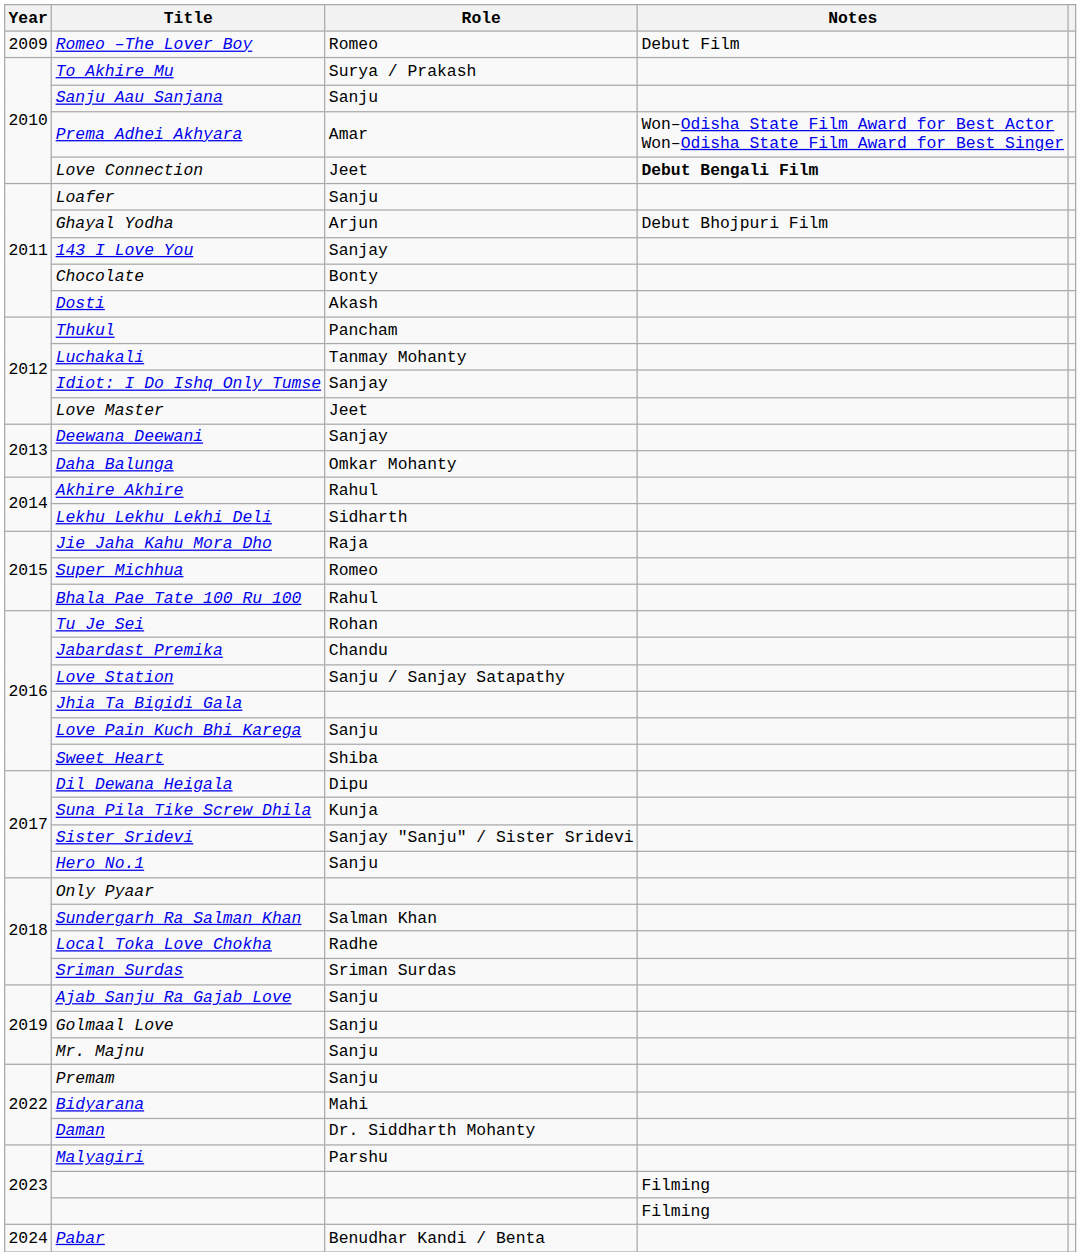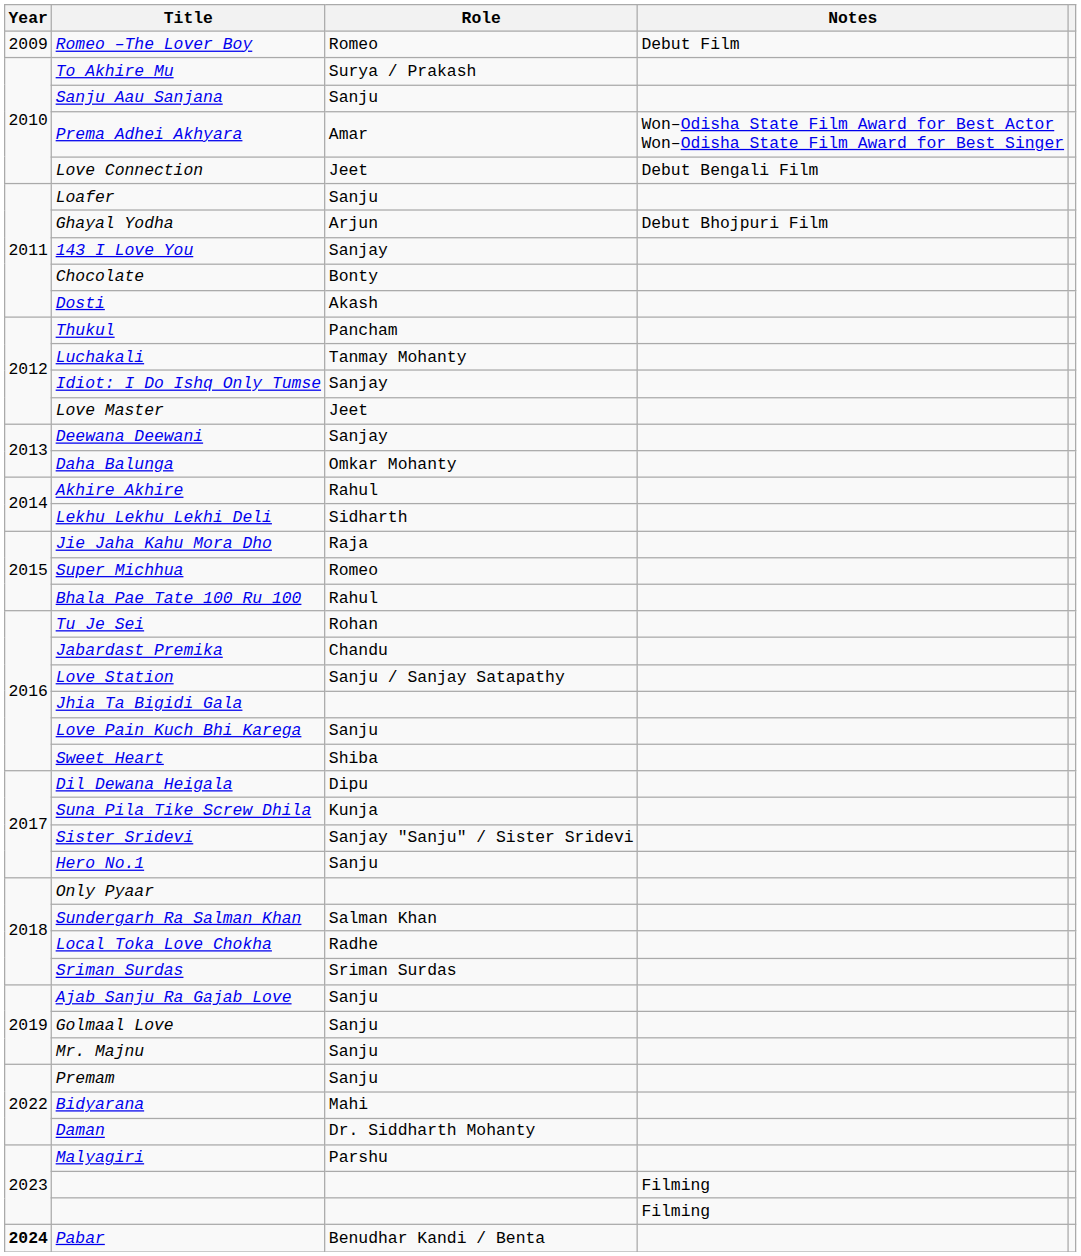 <table class="wikitable sortable" style="text-align:left;">
 <tr>
 <th>Year</th>
 <th>Title</th>
 <th>Role</th>
 <th>Notes</th>
 <th></th>
 </tr>
 <tr>
 <td>2009</td>
 <td><em><a href='#'>Romeo –The Lover Boy</a></em></td>
 <td>Romeo</td>
 <td>Debut Film</td>
 <td></td>
 </tr>
 <tr>
 <td rowspan="4">2010</td>
 <td><em><a href='#'>To Akhire Mu</a></em></td>
 <td>Surya / Prakash</td>
 <td></td>
 <td></td>
 </tr>
 <tr>
 <td><em><a href='#'>Sanju Aau Sanjana</a></em></td>
 <td>Sanju</td>
 <td></td>
 <td></td>
 </tr>
 <tr>
 <td><em><a href='#'>Prema Adhei Akhyara</a></em></td>
 <td>Amar</td>
 <td>Won–<a href='#'>Odisha State Film Award for Best Actor</a><br> Won–<a href='#'>Odisha State Film Award for Best Singer</a></td>
 <td></td>
 </tr>
 <tr>
 <td><em>Love Connection</em></td>
 <td>Jeet</td>
-<td><strong>Debut Bengali Film</strong></td>
+<td>Debut Bengali Film</td>
 <td></td>
 </tr>
 <tr>
 <td rowspan="5">2011</td>
 <td><em>Loafer</em></td>
 <td>Sanju</td>
 <td></td>
 <td></td>
 </tr>
 <tr>
 <td><em>Ghayal Yodha</em></td>
 <td>Arjun</td>
 <td>Debut Bhojpuri Film</td>
 <td></td>
 </tr>
 <tr>
 <td><em><a href='#'>143 I Love You</a></em></td>
 <td>Sanjay</td>
 <td></td>
 <td></td>
 </tr>
 <tr>
 <td><em>Chocolate</em></td>
 <td>Bonty</td>
 <td></td>
 <td></td>
 </tr>
 <tr>
 <td><a href='#'><em>Dosti</em></a></td>
 <td>Akash</td>
 <td></td>
 <td></td>
 </tr>
 <tr>
 <td rowspan="4">2012</td>
 <td><em><a href='#'>Thukul</a></em></td>
 <td>Pancham</td>
 <td></td>
 <td></td>
 </tr>
 <tr>
 <td><em><a href='#'>Luchakali</a></em></td>
 <td>Tanmay Mohanty</td>
 <td></td>
 <td></td>
 </tr>
 <tr>
 <td><em><a href='#'>Idiot: I Do Ishq Only Tumse</a></em></td>
 <td>Sanjay</td>
 <td></td>
 <td></td>
 </tr>
 <tr>
 <td><em>Love Master</em></td>
 <td>Jeet</td>
 <td></td>
 <td></td>
 </tr>
 <tr>
 <td rowspan="2">2013</td>
 <td><em><a href='#'>Deewana Deewani</a></em></td>
 <td>Sanjay</td>
 <td></td>
 <td></td>
 </tr>
 <tr>
 <td><em><a href='#'>Daha Balunga</a></em></td>
 <td>Omkar Mohanty</td>
 <td></td>
 <td></td>
 </tr>
 <tr>
 <td rowspan="2">2014</td>
 <td><em><a href='#'>Akhire Akhire</a></em></td>
 <td>Rahul</td>
 <td></td>
 <td></td>
 </tr>
 <tr>
 <td><em><a href='#'>Lekhu Lekhu Lekhi Deli</a></em></td>
 <td>Sidharth</td>
 <td></td>
 <td></td>
 </tr>
 <tr>
 <td rowspan="3">2015</td>
 <td><em><a href='#'>Jie Jaha Kahu Mora Dho</a></em></td>
 <td>Raja</td>
 <td></td>
 <td></td>
 </tr>
 <tr>
 <td><em><a href='#'>Super Michhua</a></em></td>
 <td>Romeo</td>
 <td></td>
 <td></td>
 </tr>
 <tr>
 <td><em><a href='#'>Bhala Pae Tate 100 Ru 100</a></em></td>
 <td>Rahul</td>
 <td></td>
 <td></td>
 </tr>
 <tr>
 <td rowspan="6">2016</td>
 <td><em><a href='#'>Tu Je Sei</a></em></td>
 <td>Rohan</td>
 <td></td>
 <td></td>
 </tr>
 <tr>
 <td><em><a href='#'>Jabardast Premika</a></em></td>
 <td>Chandu</td>
 <td></td>
 <td></td>
 </tr>
 <tr>
 <td><em><a href='#'>Love Station</a></em></td>
 <td>Sanju / Sanjay Satapathy</td>
 <td></td>
 <td></td>
 </tr>
 <tr>
 <td><em><a href='#'>Jhia Ta Bigidi Gala</a></em></td>
 <td></td>
 <td></td>
 <td></td>
 </tr>
 <tr>
 <td><em><a href='#'>Love Pain Kuch Bhi Karega</a></em></td>
 <td>Sanju</td>
 <td></td>
 <td></td>
 </tr>
 <tr>
 <td><em><a href='#'>Sweet Heart</a></em></td>
 <td>Shiba</td>
 <td></td>
 <td></td>
 </tr>
 <tr>
 <td rowspan="4">2017</td>
 <td><em><a href='#'>Dil Dewana Heigala</a></em></td>
 <td>Dipu</td>
 <td></td>
 <td></td>
 </tr>
 <tr>
 <td><em><a href='#'>Suna Pila Tike Screw Dhila</a></em></td>
 <td>Kunja</td>
 <td></td>
 <td></td>
 </tr>
 <tr>
 <td><em><a href='#'>Sister Sridevi</a></em></td>
 <td>Sanjay "Sanju" / Sister Sridevi</td>
 <td></td>
 <td></td>
 </tr>
 <tr>
 <td><em><a href='#'>Hero No.1</a></em></td>
 <td>Sanju</td>
 <td></td>
 <td></td>
 </tr>
 <tr>
 <td rowspan="4">2018</td>
 <td><em>Only Pyaar</em></td>
 <td></td>
 <td></td>
 <td></td>
 </tr>
 <tr>
 <td><em><a href='#'>Sundergarh Ra Salman Khan</a></em></td>
 <td>Salman Khan</td>
 <td></td>
 <td></td>
 </tr>
 <tr>
 <td><em><a href='#'>Local Toka Love Chokha</a></em></td>
 <td>Radhe</td>
 <td></td>
 <td></td>
 </tr>
 <tr>
 <td><em><a href='#'>Sriman Surdas</a></em></td>
 <td>Sriman Surdas</td>
 <td></td>
 <td></td>
 </tr>
 <tr>
 <td rowspan="3">2019</td>
 <td><em><a href='#'>Ajab Sanju Ra Gajab Love</a></em></td>
 <td>Sanju</td>
 <td></td>
 <td></td>
 </tr>
 <tr>
 <td><em>Golmaal Love</em></td>
 <td>Sanju</td>
 <td></td>
 <td></td>
 </tr>
 <tr>
 <td><em>Mr. Majnu</em></td>
 <td>Sanju</td>
 <td></td>
 <td></td>
 </tr>
 <tr>
 <td rowspan="3">2022</td>
 <td><em>Premam</em></td>
 <td>Sanju</td>
 <td></td>
 <td></td>
 </tr>
 <tr>
 <td><em><a href='#'>Bidyarana</a></em></td>
 <td>Mahi</td>
 <td></td>
 <td></td>
 </tr>
 <tr>
 <td><em><a href='#'>Daman</a></em></td>
 <td>Dr. Siddharth Mohanty</td>
 <td></td>
 <td></td>
 </tr>
 <tr>
 <td rowspan="3">2023</td>
 <td><em><a href='#'>Malyagiri</a></em></td>
 <td>Parshu</td>
 <td></td>
 <td></td>
 </tr>
 <tr>
 <td></td>
 <td></td>
 <td>Filming</td>
 <td></td>
 </tr>
 <tr>
 <td></td>
 <td></td>
 <td>Filming</td>
 <td></td>
 </tr>
 <tr>
-<td>2024</td>
+<td><strong>2024</strong></td>
 <td><em><a href='#'>Pabar</a></em></td>
 <td>Benudhar Kandi / Benta</td>
 <td></td>
 <td></td>
 </tr>
 </table>
